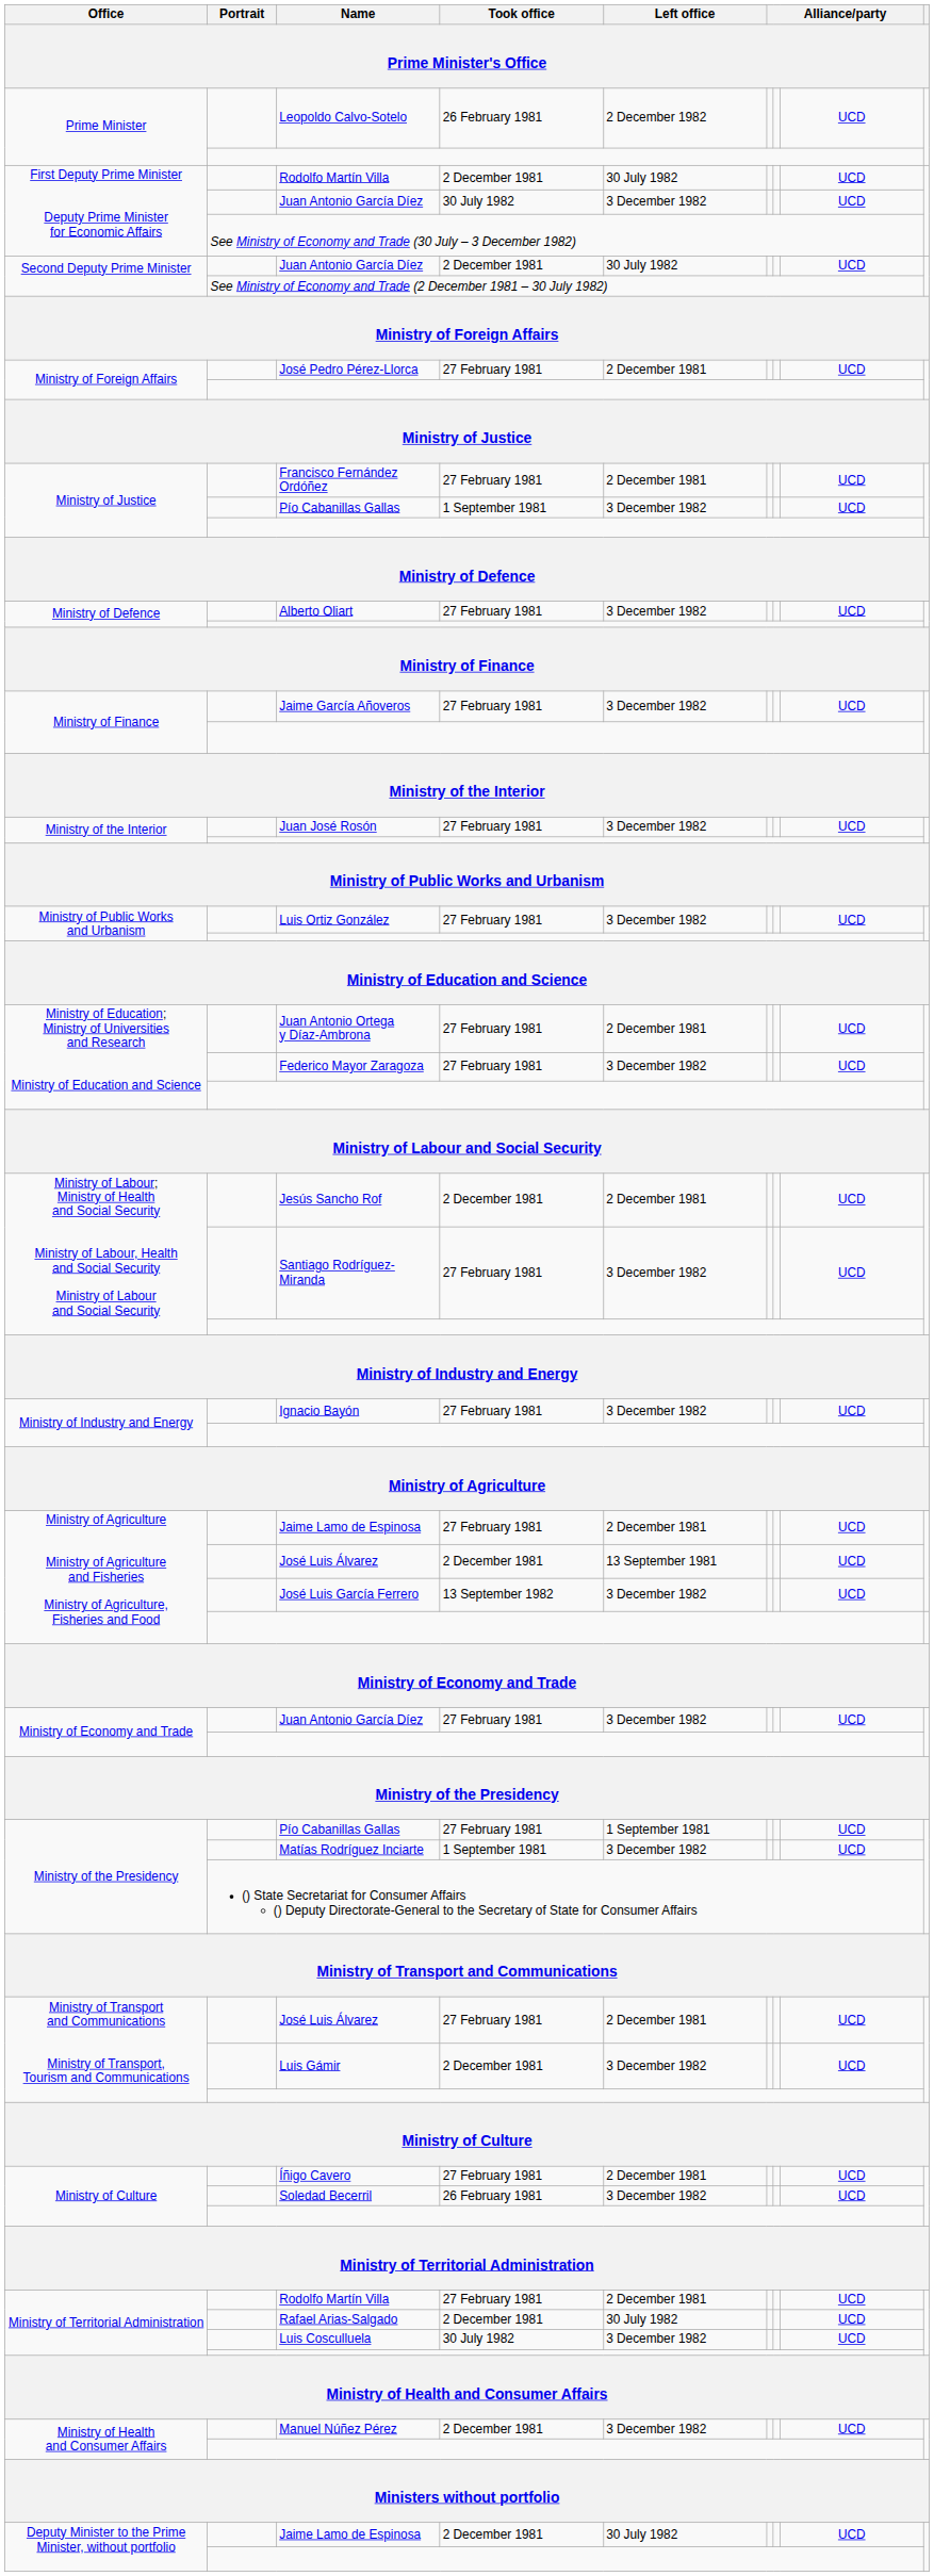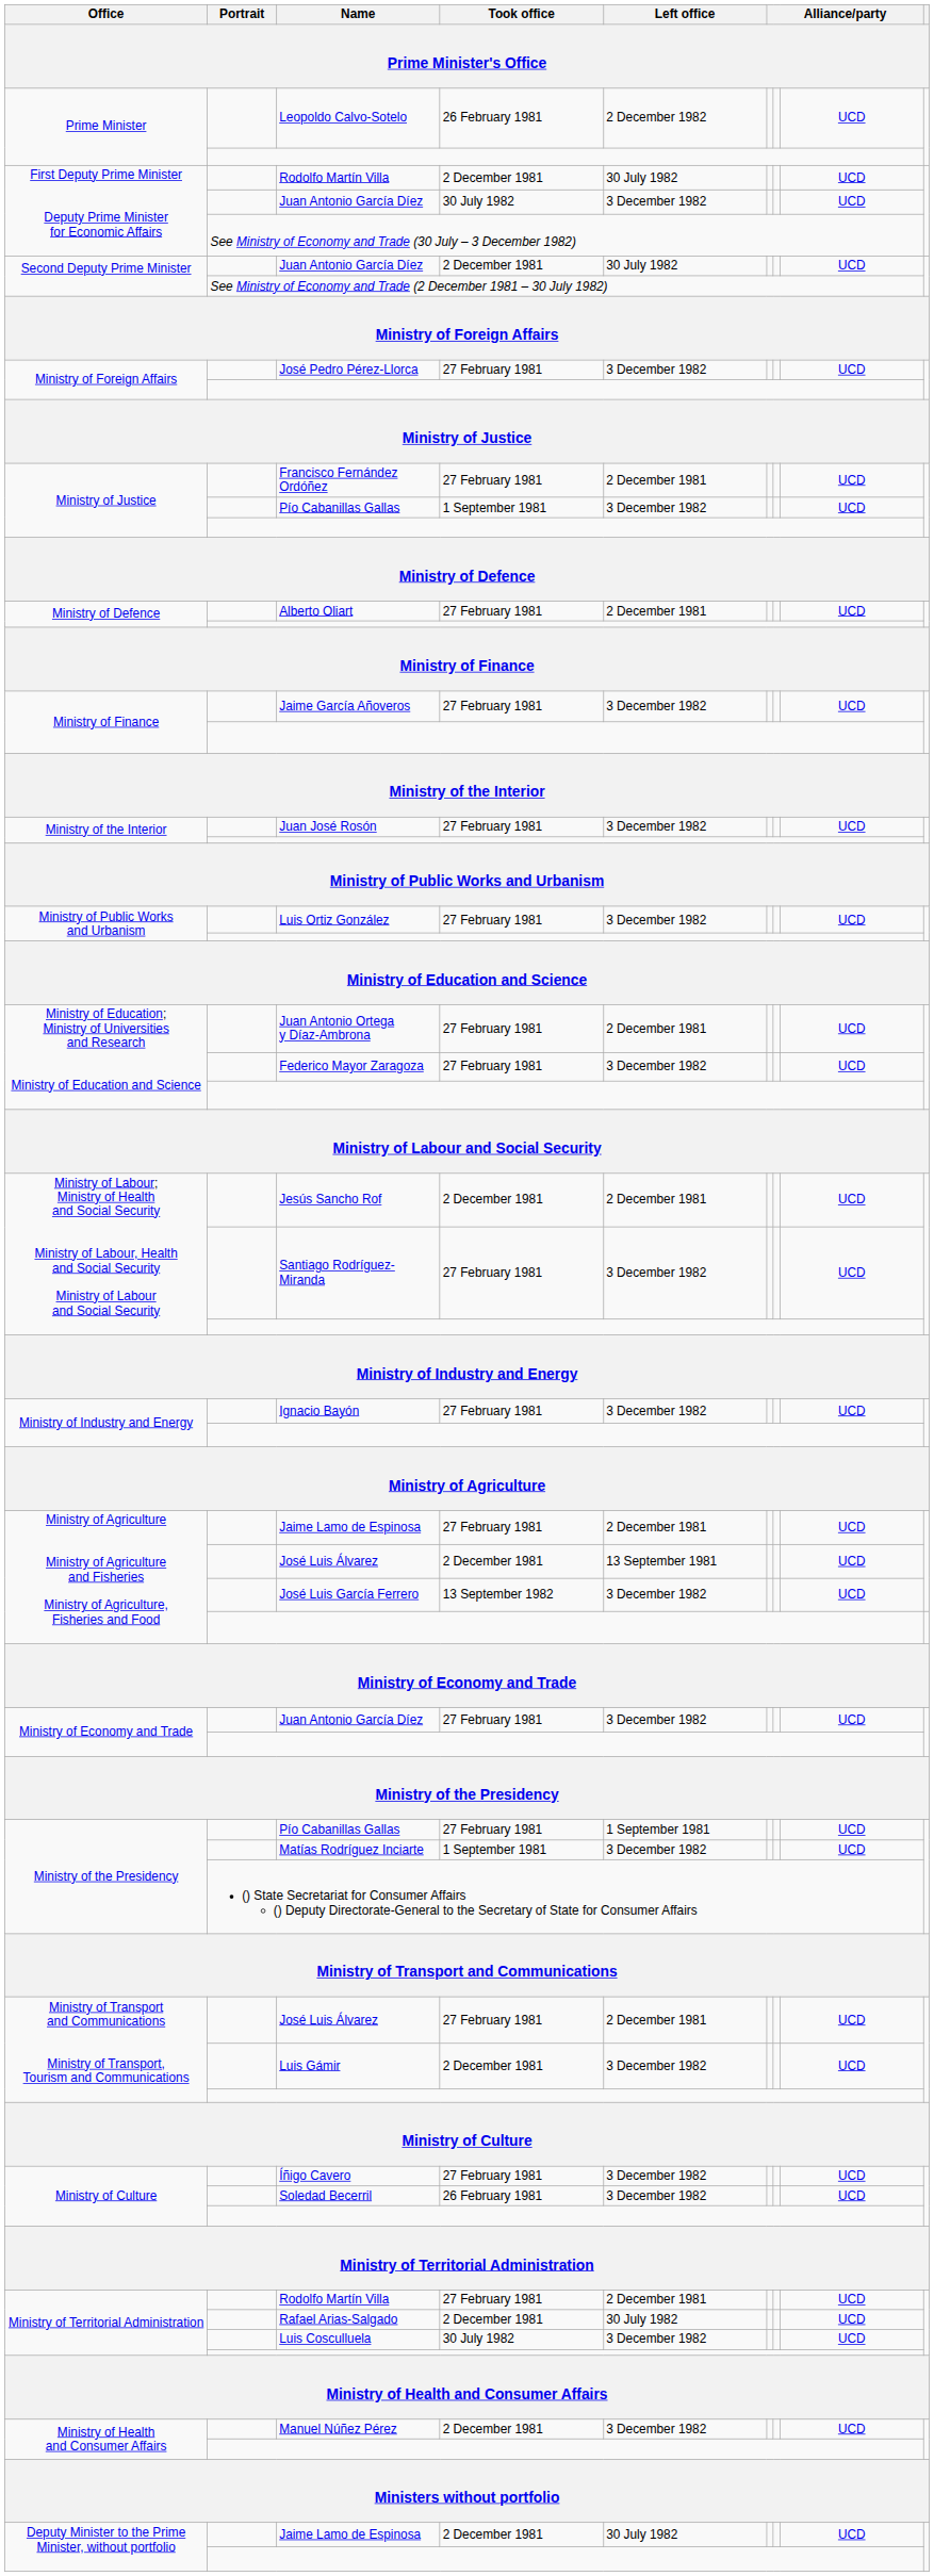 <table class="wikitable" style="line-height:18px;">
 <tr>
 <th scope="col">Office<br></th>
 <th scope="col">Portrait</th>
 <th scope="col">Name</th>
 <th scope="col">Took office</th>
 <th scope="col">Left office</th>
 <th colspan="3" scope="col">Alliance/party</th>
 <th></th>
 </tr>
 <tr>
 <th colspan="9"><br><h3><a href='#'>Prime Minister's Office</a></h3></th>
 </tr>
 <tr>
 <td align="center" rowspan="2" width="250"><a href='#'>Prime Minister</a><br></td>
 <td width="80"></td>
 <td width="200"><a href='#'>Leopoldo Calvo-Sotelo</a></td>
 <td width="200">26 February 1981</td>
 <td width="200">2 December 1982</td>
 <td width="1" style="background-color:"></td>
 <td width="1" style="background-color:"></td>
 <td width="175" align="center"><a href='#'>UCD</a></td>
 <td align="center" rowspan="2"><br><br><br><br><br></td>
 </tr>
 <tr>
 <td colspan="7"></td>
 </tr>
 <tr>
 <td align="center" rowspan="3"><a href='#'>First Deputy Prime Minister</a><br><br><br><a href='#'>Deputy Prime Minister<br>for Economic Affairs</a><br><br></td>
 <td></td>
 <td><a href='#'>Rodolfo Martín Villa</a></td>
 <td>2 December 1981</td>
 <td>30 July 1982</td>
 <td style="background-color:"></td>
 <td style="background-color:"></td>
 <td align="center"><a href='#'>UCD</a></td>
 <td align="center" rowspan="3"><br></td>
 </tr>
 <tr>
 <td></td>
 <td><a href='#'>Juan Antonio García Díez</a></td>
 <td>30 July 1982</td>
 <td>3 December 1982</td>
 <td style="background-color:"></td>
 <td style="background-color:"></td>
 <td align="center"><a href='#'>UCD</a></td>
 </tr>
 <tr>
 <td colspan="7"><br><em>See <a href='#'>Ministry of Economy and Trade</a> (30 July – 3 December 1982)</em></td>
 </tr>
 <tr>
 <td align="center" rowspan="2"><a href='#'>Second Deputy Prime Minister</a><br><br></td>
 <td></td>
 <td><a href='#'>Juan Antonio García Díez</a></td>
 <td>2 December 1981</td>
 <td>30 July 1982</td>
 <td style="background-color:"></td>
 <td style="background-color:"></td>
 <td align="center"><a href='#'>UCD</a></td>
 <td align="center" rowspan="2"></td>
 </tr>
 <tr>
 <td colspan="7"><em>See <a href='#'>Ministry of Economy and Trade</a> (2 December 1981 – 30 July 1982)</td>
 </tr>
 <tr>
 <th colspan="9"><br><h3><a href='#'>Ministry of Foreign Affairs</a></h3></th>
 </tr>
 <tr>
 <td align="center" rowspan="2"><a href='#'>Ministry of Foreign Affairs</a><br></td>
 <td></td>
 <td><a href='#'>José Pedro Pérez-Llorca</a></td>
 <td>27 February 1981</td>
-<td>2 December 1981</td>
+<td>3 December 1982</td>
 <td style="background-color:"></td>
 <td style="background-color:"></td>
 <td align="center"><a href='#'>UCD</a></td>
 <td align="center" rowspan="2"><br><br></td>
 </tr>
 <tr>
 <td colspan="7"><br></td>
 </tr>
 <tr>
 <th colspan="9"><br><h3><a href='#'>Ministry of Justice</a></h3></th>
 </tr>
 <tr>
 <td align="center" rowspan="3"><a href='#'>Ministry of Justice</a><br></td>
 <td></td>
 <td><a href='#'>Francisco Fernández Ordóñez</a></td>
 <td>27 February 1981</td>
 <td>2 December 1981</td>
 <td style="background-color:"></td>
 <td style="background-color:"></td>
 <td align="center"><a href='#'>UCD</a></td>
 <td align="center" rowspan="3"><br><br></td>
 </tr>
 <tr>
 <td></td>
 <td><a href='#'>Pío Cabanillas Gallas</a></td>
 <td>1 September 1981</td>
 <td>3 December 1982</td>
 <td style="background-color:"></td>
 <td style="background-color:"></td>
 <td align="center"><a href='#'>UCD</a></td>
 </tr>
 <tr>
 <td colspan="7"><br></td>
 </tr>
 <tr>
 <th colspan="9"><br><h3><a href='#'>Ministry of Defence</a></h3></th>
 </tr>
 <tr>
 <td align="center" rowspan="2"><a href='#'>Ministry of Defence</a><br></td>
 <td></td>
 <td><a href='#'>Alberto Oliart</a></td>
 <td>27 February 1981</td>
-<td>3 December 1982</td>
+<td>2 December 1981</td>
 <td style="background-color:"></td>
 <td style="background-color:"></td>
 <td align="center"><a href='#'>UCD</a></td>
 <td align="center" rowspan="2"></td>
 </tr>
 <tr>
 <td colspan="7"></td>
 </tr>
 <tr>
 <th colspan="9"><br><h3><a href='#'>Ministry of Finance</a></h3></th>
 </tr>
 <tr>
 <td align="center" rowspan="2"><a href='#'>Ministry of Finance</a><br></td>
 <td></td>
 <td><a href='#'>Jaime García Añoveros</a></td>
 <td>27 February 1981</td>
 <td>3 December 1982</td>
 <td style="background-color:"></td>
 <td style="background-color:"></td>
 <td align="center"><a href='#'>UCD</a></td>
 <td align="center" rowspan="2"><br><br><br><br></td>
 </tr>
 <tr>
 <td colspan="7"><br></td>
 </tr>
 <tr>
 <th colspan="9"><br><h3><a href='#'>Ministry of the Interior</a></h3></th>
 </tr>
 <tr>
 <td align="center" rowspan="2"><a href='#'>Ministry of the Interior</a><br></td>
 <td></td>
 <td><a href='#'>Juan José Rosón</a></td>
 <td>27 February 1981</td>
 <td>3 December 1982</td>
 <td style="background-color:"></td>
 <td style="background-color:"></td>
 <td align="center"><a href='#'>UCD</a></td>
 <td align="center" rowspan="2"></td>
 </tr>
 <tr>
 <td colspan="7"></td>
 </tr>
 <tr>
 <th colspan="9"><br><h3><a href='#'>Ministry of Public Works and Urbanism</a></h3></th>
 </tr>
 <tr>
 <td align="center" rowspan="2"><a href='#'>Ministry of Public Works<br>and Urbanism</a><br></td>
 <td></td>
 <td><a href='#'>Luis Ortiz González</a></td>
 <td>27 February 1981</td>
 <td>3 December 1982</td>
 <td style="background-color:"></td>
 <td style="background-color:"></td>
 <td align="center"><a href='#'>UCD</a></td>
 <td align="center" rowspan="2"><br></td>
 </tr>
 <tr>
 <td colspan="7"></td>
 </tr>
 <tr>
 <th colspan="9"><br><h3><a href='#'>Ministry of Education and Science</a></h3></th>
 </tr>
 <tr>
 <td align="center" rowspan="3"><a href='#'>Ministry of Education</a>;<br><a href='#'>Ministry of Universities<br>and Research</a><br><br><br><a href='#'>Ministry of Education and Science</a><br><br></td>
 <td></td>
 <td><a href='#'>Juan Antonio Ortega<br>y Díaz-Ambrona</a></td>
 <td>27 February 1981</td>
 <td>2 December 1981</td>
 <td style="background-color:"></td>
 <td style="background-color:"></td>
 <td align="center"><a href='#'>UCD</a></td>
 <td align="center" rowspan="3"><br><br><br></td>
 </tr>
 <tr>
 <td></td>
 <td><a href='#'>Federico Mayor Zaragoza</a></td>
 <td>27 February 1981</td>
 <td>3 December 1982</td>
 <td style="background-color:"></td>
 <td style="background-color:"></td>
 <td align="center"><a href='#'>UCD</a><br></td>
 </tr>
 <tr>
 <td colspan="7"><br></td>
 </tr>
 <tr>
 <th colspan="9"><br><h3><a href='#'>Ministry of Labour and Social Security</a></h3></th>
 </tr>
 <tr>
 <td align="center" rowspan="3"><a href='#'>Ministry of Labour</a>;<br><a href='#'>Ministry of Health<br>and Social Security</a><br><br><br><a href='#'>Ministry of Labour, Health<br>and Social Security</a><br><br><a href='#'>Ministry of Labour<br>and Social Security</a><br><br></td>
 <td></td>
 <td><a href='#'>Jesús Sancho Rof</a></td>
 <td>2 December 1981</td>
 <td>2 December 1981</td>
 <td style="background-color:"></td>
 <td style="background-color:"></td>
 <td align="center"><a href='#'>UCD</a></td>
 <td align="center" rowspan="3"><br><br><br><br></td>
 </tr>
 <tr>
 <td></td>
 <td><a href='#'>Santiago Rodríguez-Miranda</a></td>
 <td>27 February 1981</td>
 <td>3 December 1982</td>
 <td style="background-color:"></td>
 <td style="background-color:"></td>
 <td align="center"><a href='#'>UCD</a><br></td>
 </tr>
 <tr>
 <td colspan="7"></td>
 </tr>
 <tr>
 <th colspan="9"><br><h3><a href='#'>Ministry of Industry and Energy</a></h3></th>
 </tr>
 <tr>
 <td align="center" rowspan="2"><a href='#'>Ministry of Industry and Energy</a><br></td>
 <td></td>
 <td><a href='#'>Ignacio Bayón</a></td>
 <td>27 February 1981</td>
 <td>3 December 1982</td>
 <td style="background-color:"></td>
 <td style="background-color:"></td>
 <td align="center"><a href='#'>UCD</a><br></td>
 <td align="center" rowspan="2"><br><br><br></td>
 </tr>
 <tr>
 <td colspan="7"><br></td>
 </tr>
 <tr>
 <th colspan="9"><br><h3><a href='#'>Ministry of Agriculture</a></h3></th>
 </tr>
 <tr>
 <td align="center" rowspan="4"><a href='#'>Ministry of Agriculture</a><br><br><br><a href='#'>Ministry of Agriculture<br>and Fisheries</a><br><br><a href='#'>Ministry of Agriculture,<br>Fisheries and Food</a><br><br></td>
 <td></td>
 <td><a href='#'>Jaime Lamo de Espinosa</a></td>
 <td>27 February 1981</td>
 <td>2 December 1981</td>
 <td style="background-color:"></td>
 <td style="background-color:"></td>
 <td align="center"><a href='#'>UCD</a></td>
 <td align="center" rowspan="3"><br><br><br><br></td>
 </tr>
 <tr>
 <td></td>
 <td><a href='#'>José Luis Álvarez</a></td>
 <td>2 December 1981</td>
 <td>13 September 1981</td>
 <td style="background-color:"></td>
 <td style="background-color:"></td>
 <td align="center"><a href='#'>UCD</a></td>
 </tr>
 <tr>
 <td></td>
 <td><a href='#'>José Luis García Ferrero</a></td>
 <td>13 September 1982</td>
 <td>3 December 1982</td>
 <td style="background-color:"></td>
 <td style="background-color:"></td>
 <td align="center"><a href='#'>UCD</a><br></td>
 </tr>
 <tr>
 <td colspan="7"><br></td>
 </tr>
 <tr>
 <th colspan="9"><br><h3><a href='#'>Ministry of Economy and Trade</a></h3></th>
 </tr>
 <tr>
 <td align="center" rowspan="2"><a href='#'>Ministry of Economy and Trade</a><br></td>
 <td></td>
 <td><a href='#'>Juan Antonio García Díez</a></td>
 <td>27 February 1981</td>
 <td>3 December 1982</td>
 <td style="background-color:"></td>
 <td style="background-color:"></td>
 <td align="center"><a href='#'>UCD</a></td>
 <td align="center" rowspan="2"><br><br><br></td>
 </tr>
 <tr>
 <td colspan="7"><br></td>
 </tr>
 <tr>
 <th colspan="9"><br><h3><a href='#'>Ministry of the Presidency</a></h3></th>
 </tr>
 <tr>
 <td align="center" rowspan="3"><a href='#'>Ministry of the Presidency</a><br></td>
 <td></td>
 <td><a href='#'>Pío Cabanillas Gallas</a></td>
 <td>27 February 1981</td>
 <td>1 September 1981</td>
 <td style="background-color:"></td>
 <td style="background-color:"></td>
 <td align="center"><a href='#'>UCD</a></td>
 <td align="center" rowspan="3"><br><br></td>
 </tr>
 <tr>
 <td></td>
 <td><a href='#'>Matías Rodríguez Inciarte</a></td>
 <td>1 September 1981</td>
 <td>3 December 1982</td>
 <td style="background-color:"></td>
 <td style="background-color:"></td>
 <td align="center"><a href='#'>UCD</a></td>
 </tr>
 <tr>
 <td colspan="7"><br><ul><li>() State Secretariat for Consumer Affairs <ul><li>() Deputy Directorate-General to the Secretary of State for Consumer Affairs </li></ul></li></ul></td>
 </tr>
 <tr>
 <th colspan="9"><br><h3><a href='#'>Ministry of Transport and Communications</a></h3></th>
 </tr>
 <tr>
 <td align="center" rowspan="3"><a href='#'>Ministry of Transport<br>and Communications</a><br><br><br><a href='#'>Ministry of Transport,<br>Tourism and Communications</a><br><br></td>
 <td></td>
 <td><a href='#'>José Luis Álvarez</a></td>
 <td>27 February 1981</td>
 <td>2 December 1981</td>
 <td style="background-color:"></td>
 <td style="background-color:"></td>
 <td align="center"><a href='#'>UCD</a></td>
 <td align="center" rowspan="3"><br><br><br></td>
 </tr>
 <tr>
 <td></td>
 <td><a href='#'>Luis Gámir</a></td>
 <td>2 December 1981</td>
 <td>3 December 1982</td>
 <td style="background-color:"></td>
 <td style="background-color:"></td>
 <td align="center"><a href='#'>UCD</a></td>
 </tr>
 <tr>
 <td colspan="7"></td>
 </tr>
 <tr>
 <th colspan="9"><br><h3><a href='#'>Ministry of Culture</a></h3></th>
 </tr>
 <tr>
 <td align="center" rowspan="3"><a href='#'>Ministry of Culture</a><br></td>
 <td></td>
 <td><a href='#'>Íñigo Cavero</a></td>
 <td>27 February 1981</td>
-<td>2 December 1981</td>
+<td>3 December 1982</td>
 <td style="background-color:"></td>
 <td style="background-color:"></td>
 <td align="center"><a href='#'>UCD</a></td>
 <td align="center" rowspan="3"><br></td>
 </tr>
 <tr>
 <td></td>
 <td><a href='#'>Soledad Becerril</a></td>
 <td width="200">26 February 1981</td>
 <td>3 December 1982</td>
 <td style="background-color:"></td>
 <td style="background-color:"></td>
 <td align="center"><a href='#'>UCD</a></td>
 </tr>
 <tr>
 <td colspan="7"><br></td>
 </tr>
 <tr>
 <th colspan="9"><br><h3><a href='#'>Ministry of Territorial Administration</a></h3></th>
 </tr>
 <tr>
 <td align="center" rowspan="4"><a href='#'>Ministry of Territorial Administration</a><br></td>
 <td></td>
 <td><a href='#'>Rodolfo Martín Villa</a></td>
 <td>27 February 1981</td>
 <td>2 December 1981</td>
 <td style="background-color:"></td>
 <td style="background-color:"></td>
 <td align="center"><a href='#'>UCD</a></td>
 <td align="center" rowspan="4"></td>
 </tr>
 <tr>
 <td></td>
 <td><a href='#'>Rafael Arias-Salgado</a></td>
 <td>2 December 1981</td>
 <td>30 July 1982</td>
 <td style="background-color:"></td>
 <td style="background-color:"></td>
 <td align="center"><a href='#'>UCD</a></td>
 </tr>
 <tr>
 <td></td>
 <td><a href='#'>Luis Cosculluela</a></td>
 <td>30 July 1982</td>
 <td>3 December 1982</td>
 <td style="background-color:"></td>
 <td style="background-color:"></td>
 <td align="center"><a href='#'>UCD</a><br></td>
 </tr>
 <tr>
 <td colspan="7"></td>
 </tr>
 <tr>
 <th colspan="9"><br><h3><a href='#'>Ministry of Health and Consumer Affairs</a></h3></th>
 </tr>
 <tr>
 <td align="center" rowspan="2"><a href='#'>Ministry of Health<br>and Consumer Affairs</a><br></td>
 <td></td>
 <td><a href='#'>Manuel Núñez Pérez</a></td>
 <td>2 December 1981</td>
 <td>3 December 1982</td>
 <td style="background-color:"></td>
 <td style="background-color:"></td>
 <td align="center"><a href='#'>UCD</a></td>
 <td align="center" rowspan="2"><br></td>
 </tr>
 <tr>
 <td colspan="7"><br></td>
 </tr>
 <tr>
 <th colspan="9"><br><h3><a href='#'>Ministers without portfolio</a></h3></th>
 </tr>
 <tr>
 <td align="center" rowspan="2"><a href='#'>Deputy Minister to the Prime<br>Minister, without portfolio</a><br><br></td>
 <td></td>
 <td><a href='#'>Jaime Lamo de Espinosa</a></td>
 <td>2 December 1981</td>
 <td>30 July 1982</td>
 <td style="background-color:"></td>
 <td style="background-color:"></td>
 <td align="center"><a href='#'>UCD</a></td>
 <td align="center" rowspan="2"><br></td>
 </tr>
 <tr>
 <td colspan="7"><br></td>
 </tr>
 </table>
